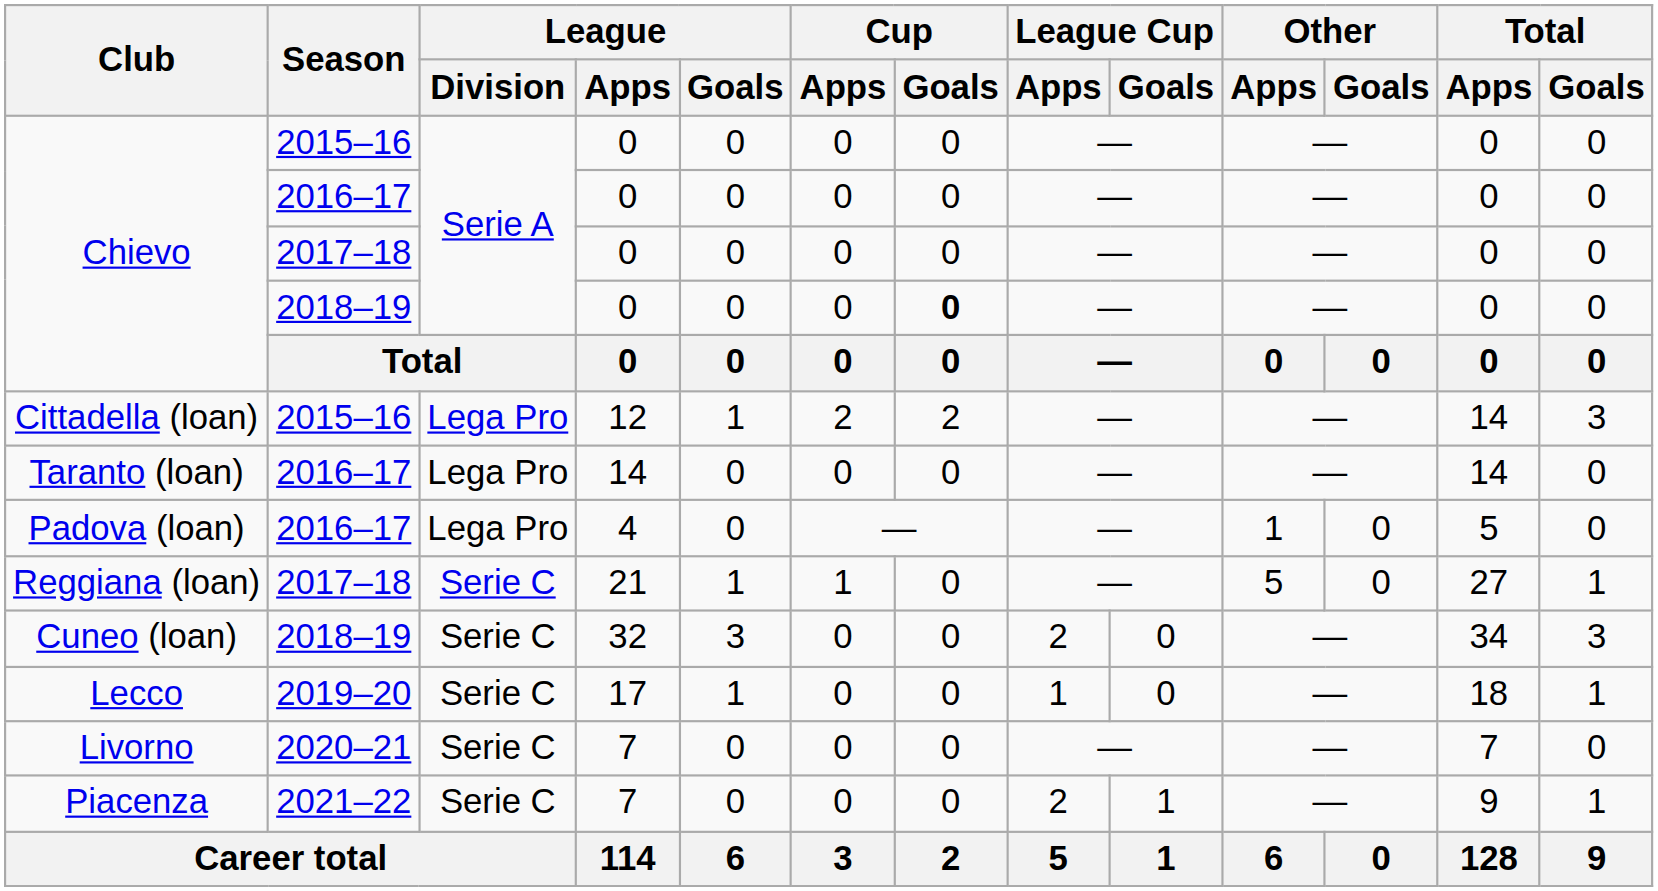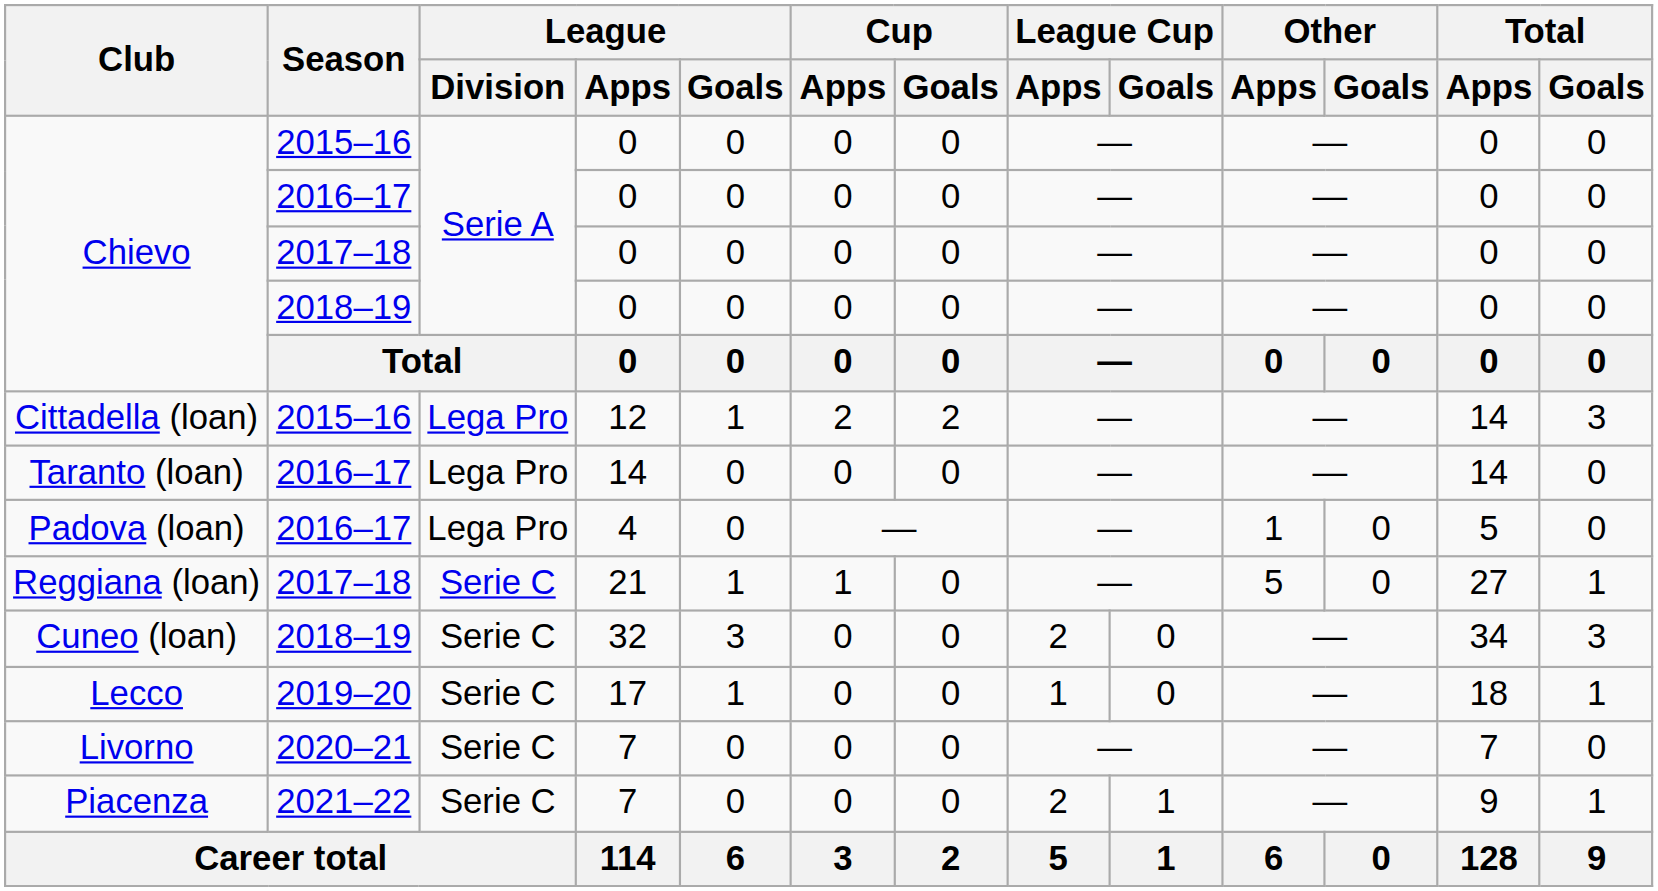 <table class="wikitable" style="text-align:center">
 <tr>
 <th rowspan="2">Club</th>
 <th rowspan="2">Season</th>
 <th colspan="3">League</th>
 <th colspan="2">Cup</th>
 <th colspan="2">League Cup</th>
 <th colspan="2">Other</th>
 <th colspan="2">Total</th>
 </tr>
 <tr>
 <th>Division</th>
 <th>Apps</th>
 <th>Goals</th>
 <th>Apps</th>
 <th>Goals</th>
 <th>Apps</th>
 <th>Goals</th>
 <th>Apps</th>
 <th>Goals</th>
 <th>Apps</th>
 <th>Goals</th>
 </tr>
 <tr>
 <td rowspan="5"><a href='#'>Chievo</a></td>
 <td><a href='#'>2015–16</a></td>
 <td rowspan="4"><a href='#'>Serie A</a></td>
 <td>0</td>
 <td>0</td>
 <td>0</td>
 <td>0</td>
 <td colspan="2">—</td>
 <td colspan="2">—</td>
 <td>0</td>
 <td>0</td>
 </tr>
 <tr>
 <td><a href='#'>2016–17</a></td>
 <td>0</td>
 <td>0</td>
 <td>0</td>
 <td>0</td>
 <td colspan="2">—</td>
 <td colspan="2">—</td>
 <td>0</td>
 <td>0</td>
 </tr>
 <tr>
 <td><a href='#'>2017–18</a></td>
 <td>0</td>
 <td>0</td>
 <td>0</td>
 <td>0</td>
 <td colspan="2">—</td>
 <td colspan="2">—</td>
 <td>0</td>
 <td>0</td>
 </tr>
 <tr>
 <td><a href='#'>2018–19</a></td>
 <td>0</td>
 <td>0</td>
 <td>0</td>
-<td><strong>0</strong></td>
+<td>0</td>
 <td colspan="2">—</td>
 <td colspan="2">—</td>
 <td>0</td>
 <td>0</td>
 </tr>
 <tr>
 <th colspan="2">Total</th>
 <th>0</th>
 <th>0</th>
 <th>0</th>
 <th>0</th>
 <th colspan="2">—</th>
 <th>0</th>
 <th>0</th>
 <th>0</th>
 <th>0</th>
 </tr>
 <tr>
 <td><a href='#'>Cittadella</a> (loan)</td>
 <td><a href='#'>2015–16</a></td>
 <td><a href='#'>Lega Pro</a></td>
 <td>12</td>
 <td>1</td>
 <td>2</td>
 <td>2</td>
 <td colspan="2">—</td>
 <td colspan="2">—</td>
 <td>14</td>
 <td>3</td>
 </tr>
 <tr>
 <td><a href='#'>Taranto</a> (loan)</td>
 <td><a href='#'>2016–17</a></td>
 <td>Lega Pro</td>
 <td>14</td>
 <td>0</td>
 <td>0</td>
 <td>0</td>
 <td colspan="2">—</td>
 <td colspan="2">—</td>
 <td>14</td>
 <td>0</td>
 </tr>
 <tr>
 <td><a href='#'>Padova</a> (loan)</td>
 <td><a href='#'>2016–17</a></td>
 <td>Lega Pro</td>
 <td>4</td>
 <td>0</td>
 <td colspan="2">—</td>
 <td colspan="2">—</td>
 <td>1</td>
 <td>0</td>
 <td>5</td>
 <td>0</td>
 </tr>
 <tr>
 <td><a href='#'>Reggiana</a> (loan)</td>
 <td><a href='#'>2017–18</a></td>
 <td><a href='#'>Serie C</a></td>
 <td>21</td>
 <td>1</td>
 <td>1</td>
 <td>0</td>
 <td colspan="2">—</td>
 <td>5</td>
 <td>0</td>
 <td>27</td>
 <td>1</td>
 </tr>
 <tr>
 <td><a href='#'>Cuneo</a> (loan)</td>
 <td><a href='#'>2018–19</a></td>
 <td>Serie C</td>
 <td>32</td>
 <td>3</td>
 <td>0</td>
 <td>0</td>
 <td>2</td>
 <td>0</td>
 <td colspan="2">—</td>
 <td>34</td>
 <td>3</td>
 </tr>
 <tr>
 <td><a href='#'>Lecco</a></td>
 <td><a href='#'>2019–20</a></td>
 <td>Serie C</td>
 <td>17</td>
 <td>1</td>
 <td>0</td>
 <td>0</td>
 <td>1</td>
 <td>0</td>
 <td colspan="2">—</td>
 <td>18</td>
 <td>1</td>
 </tr>
 <tr>
 <td><a href='#'>Livorno</a></td>
 <td><a href='#'>2020–21</a></td>
 <td>Serie C</td>
 <td>7</td>
 <td>0</td>
 <td>0</td>
 <td>0</td>
 <td colspan="2">—</td>
 <td colspan="2">—</td>
 <td>7</td>
 <td>0</td>
 </tr>
 <tr>
 <td><a href='#'>Piacenza</a></td>
 <td><a href='#'>2021–22</a></td>
 <td>Serie C</td>
 <td>7</td>
 <td>0</td>
 <td>0</td>
 <td>0</td>
 <td>2</td>
 <td>1</td>
 <td colspan="2">—</td>
 <td>9</td>
 <td>1</td>
 </tr>
 <tr>
 <th colspan="3">Career total</th>
 <th>114</th>
 <th>6</th>
 <th>3</th>
 <th>2</th>
 <th>5</th>
 <th>1</th>
 <th>6</th>
 <th>0</th>
 <th>128</th>
 <th>9</th>
 </tr>
 </table>
